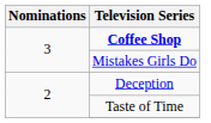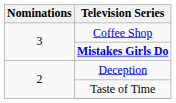 <table class="wikitable" style="text-align:center;">
 <tr>
 <th scope="col" width="55">Nominations</th>
 <th scope="col" align="center">Television Series</th>
 </tr>
 <tr>
 <td rowspan="2" style="text-align:center;">3</td>
-<td><strong><a href='#'>Coffee Shop</a></strong></td>
+<td><a href='#'>Coffee Shop</a></td>
 </tr>
 <tr>
-<td><a href='#'>Mistakes Girls Do</a></td>
+<td><strong><a href='#'>Mistakes Girls Do</a></strong></td>
 </tr>
 <tr>
 <td rowspan="4" style="text-align:center;">2</td>
 <td><a href='#'>Deception</a></td>
 </tr>
 <tr>
 <td>Taste of Time</td>
 </tr>
 <tr>
 </tr>
 </table>
